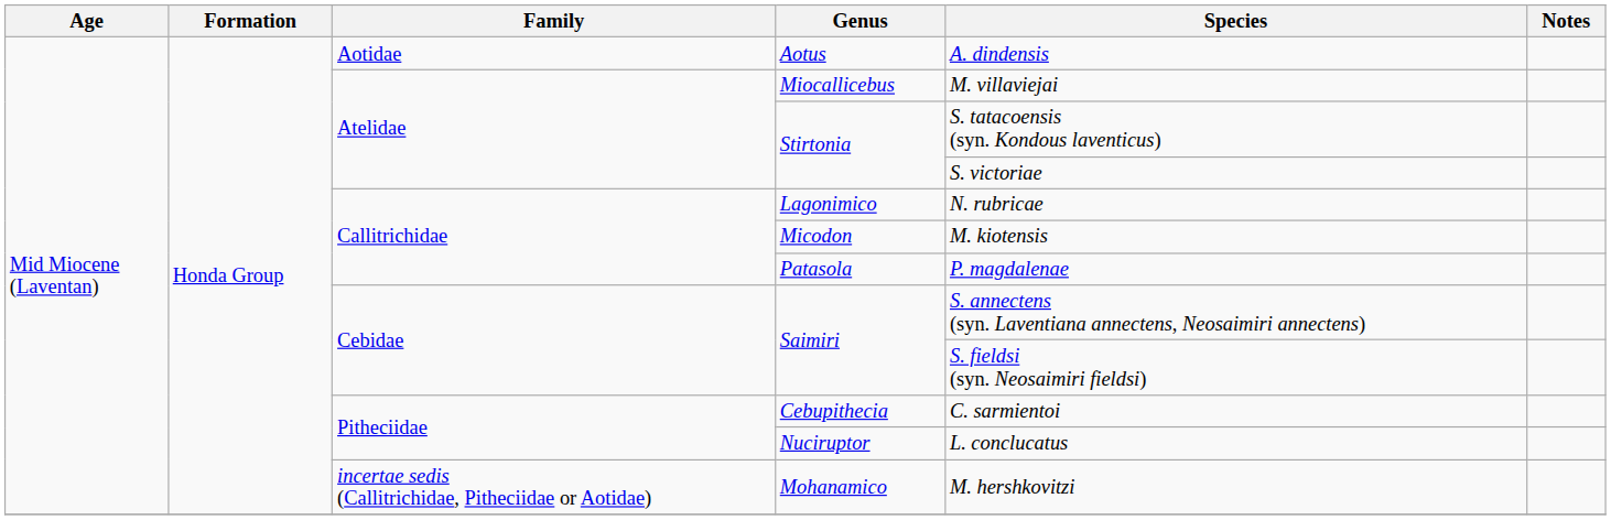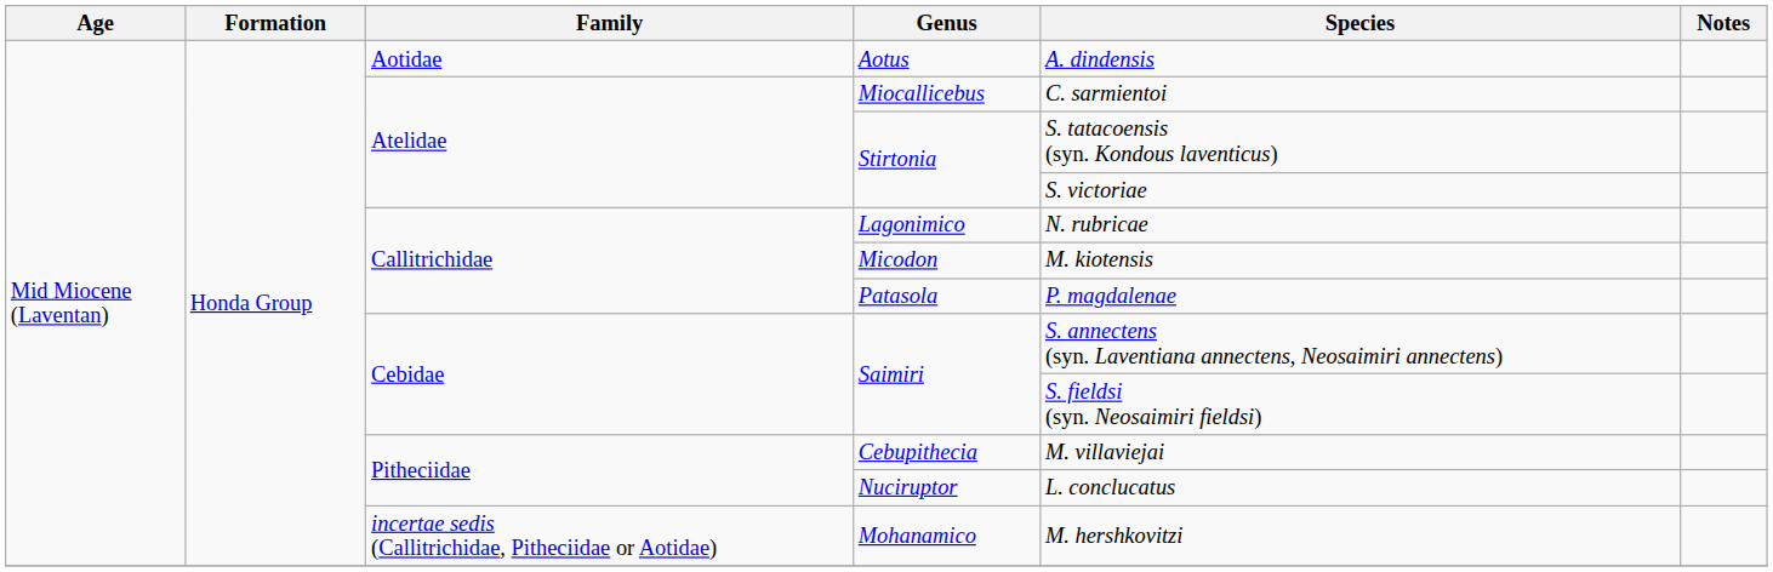 <table class="wikitable sortable" width=100%>
 <tr>
 <th>Age</th>
 <th>Formation</th>
 <th>Family</th>
 <th>Genus</th>
 <th>Species</th>
 <th>Notes</th>
 </tr>
 <tr>
 <td rowspan=12 style="background-color: "><a href='#'>Mid Miocene</a><br>(<a href='#'>Laventan</a>)</td>
 <td rowspan=12><a href='#'>Honda Group</a></td>
 <td><a href='#'>Aotidae</a></td>
 <td><em><a href='#'>Aotus</a></em></td>
 <td><em><a href='#'>A. dindensis</a></em></td>
 <td></td>
 </tr>
 <tr>
 <td rowspan=3><a href='#'>Atelidae</a></td>
 <td><em><a href='#'>Miocallicebus</a></em></td>
-<td><em>M. villaviejai</em></td>
+<td><em>C. sarmientoi</em></td>
 <td></td>
 </tr>
 <tr>
 <td rowspan=2><em><a href='#'>Stirtonia</a></em></td>
 <td><em>S. tatacoensis</em><br>(syn. <em>Kondous laventicus</em>)</td>
 <td></td>
 </tr>
 <tr>
 <td><em>S. victoriae</em></td>
 <td></td>
 </tr>
 <tr>
 <td rowspan=3><a href='#'>Callitrichidae</a></td>
 <td><em><a href='#'>Lagonimico</a></em></td>
 <td><em>N. rubricae</em></td>
 <td></td>
 </tr>
 <tr>
 <td><em><a href='#'>Micodon</a></em></td>
 <td><em>M. kiotensis</em></td>
 <td></td>
 </tr>
 <tr>
 <td><em><a href='#'>Patasola</a></em></td>
 <td><em><a href='#'>P. magdalenae</a></em></td>
 <td></td>
 </tr>
 <tr>
 <td rowspan=2><a href='#'>Cebidae</a></td>
 <td rowspan=2><em><a href='#'>Saimiri</a></em></td>
 <td><em><a href='#'>S. annectens</a></em><br>(syn. <em>Laventiana annectens</em>, <em>Neosaimiri annectens</em>)</td>
 <td></td>
 </tr>
 <tr>
 <td><em><a href='#'>S. fieldsi</a></em><br>(syn. <em>Neosaimiri fieldsi</em>)</td>
 <td></td>
 </tr>
 <tr>
 <td rowspan=2><a href='#'>Pitheciidae</a></td>
 <td><em><a href='#'>Cebupithecia</a></em></td>
-<td><em>C. sarmientoi</em></td>
+<td><em>M. villaviejai</em></td>
 <td></td>
 </tr>
 <tr>
 <td><em><a href='#'>Nuciruptor</a></em></td>
 <td><em>L. conclucatus</em></td>
 <td></td>
 </tr>
 <tr>
 <td><em><a href='#'>incertae sedis</a></em><br>(<a href='#'>Callitrichidae</a>, <a href='#'>Pitheciidae</a> or <a href='#'>Aotidae</a>)</td>
 <td><em><a href='#'>Mohanamico</a></em></td>
 <td><em>M. hershkovitzi</em></td>
 <td></td>
 </tr>
 <tr>
 </tr>
 </table>
